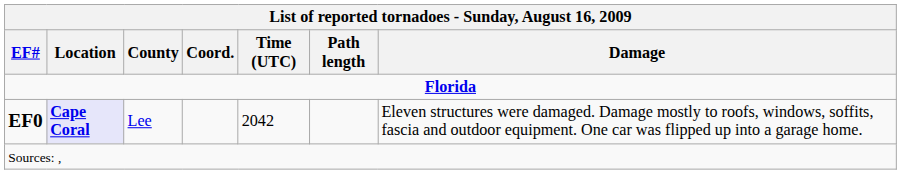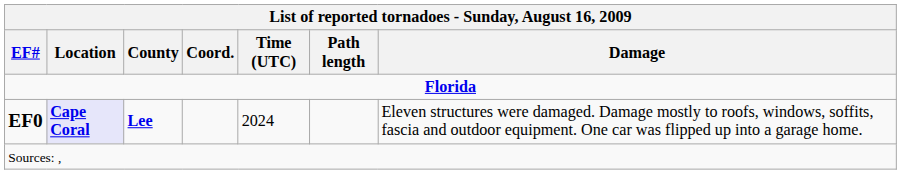 <table class="wikitable collapsible" style="width:100%;">
 <tr>
 <th colspan="7">List of reported tornadoes - Sunday, August 16, 2009</th>
 </tr>
 <tr>
 <th><a href='#'>EF#</a></th>
 <th>Location</th>
 <th>County</th>
 <th>Coord.</th>
 <th>Time (UTC)</th>
 <th>Path length</th>
 <th>Damage</th>
 </tr>
 <tr>
 <td colspan="7" style="text-align:center;"><strong><a href='#'>Florida</a></strong></td>
 </tr>
 <tr>
 <td><big><strong>EF0</strong></big></td>
 <td style="background: lavender;"><strong><a href='#'>Cape Coral</a></strong></td>
-<td><a href='#'>Lee</a></td>
+<td><strong><a href='#'>Lee</a></strong></td>
 <td></td>
-<td>2042</td>
+<td>2024</td>
 <td></td>
 <td>Eleven structures were damaged. Damage mostly to roofs, windows, soffits, fascia and outdoor equipment. One car was flipped up into a garage home.</td>
 </tr>
 <tr>
 <td colspan="7"><small>Sources: , </small></td>
 </tr>
 </table>
